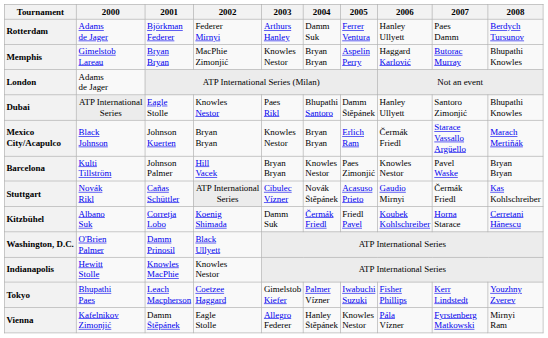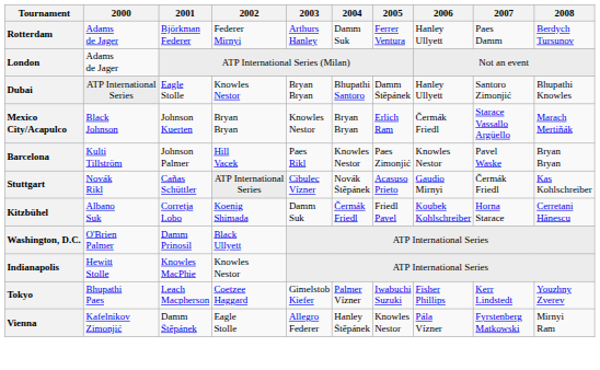 <table class="wikitable nowrap plainrowheaders" style="font-size:90%;">
 <tr bgcolor="#ececec">
 <th>Tournament</th>
 <th>2000</th>
 <th>2001</th>
 <th>2002</th>
 <th>2003</th>
 <th>2004</th>
 <th>2005</th>
 <th>2006</th>
 <th>2007</th>
 <th>2008</th>
 </tr>
 <tr>
 <th style="text-align: left;">Rotterdam</th>
 <td> <a href='#'>Adams</a><br> <a href='#'>de Jager</a></td>
 <td> <a href='#'>Björkman</a><br> <a href='#'>Federer</a></td>
 <td> Federer<br> <a href='#'>Mirnyi</a></td>
 <td> <a href='#'>Arthurs</a><br> <a href='#'>Hanley</a></td>
 <td> Damm<br> Suk</td>
 <td> <a href='#'>Ferrer</a><br> <a href='#'>Ventura</a></td>
 <td> Hanley<br> Ullyett</td>
 <td> Paes<br> Damm</td>
 <td> <a href='#'>Berdych</a><br> <a href='#'>Tursunov</a></td>
 </tr>
 <tr>
-<th style="text-align: left;">Memphis</th>
-<td> <a href='#'>Gimelstob</a><br> <a href='#'>Lareau</a></td>
-<td> <a href='#'>Bryan</a><br> <a href='#'>Bryan</a></td>
-<td> MacPhie<br> Zimonjić</td>
-<td> Knowles<br> Nestor</td>
-<td> Bryan<br> Bryan</td>
-<td> <a href='#'>Aspelin</a><br> <a href='#'>Perry</a></td>
-<td> Haggard<br> <a href='#'>Karlović</a></td>
-<td> <a href='#'>Butorac</a><br> <a href='#'>Murray</a></td>
-<td> Bhupathi<br> Knowles</td>
-</tr>
-<tr>
 <th style="text-align: left;">London</th>
 <td> Adams<br> de Jager</td>
 <td bgcolor="#ececec" align="center" colspan=5><span>ATP International Series (Milan)</span></td>
 <td bgcolor="#ececec" align="center" colspan=3><span>Not an event</span></td>
 </tr>
 <tr>
 <th style="text-align: left;">Dubai</th>
 <td bgcolor="#ececec" align="center"><span>ATP International Series</span></td>
 <td> <a href='#'>Eagle</a><br> Stolle</td>
 <td> Knowles<br> <a href='#'>Nestor</a></td>
-<td> Paes<br> <a href='#'>Rikl</a></td>
+<td> Bryan<br> Bryan</td>
 <td> Bhupathi<br> <a href='#'>Santoro</a></td>
 <td> Damm<br> Štěpánek</td>
 <td> Hanley<br> Ullyett</td>
 <td> Santoro<br> Zimonjić</td>
 <td> Bhupathi<br> Knowles</td>
 </tr>
 <tr>
 <th style="text-align: left;">Mexico City/Acapulco</th>
 <td> <a href='#'>Black</a><br> <a href='#'>Johnson</a></td>
 <td> Johnson<br> <a href='#'>Kuerten</a></td>
 <td> Bryan<br> Bryan</td>
 <td> Knowles<br> Nestor</td>
 <td> Bryan<br> Bryan</td>
 <td> <a href='#'>Erlich</a><br> <a href='#'>Ram</a></td>
 <td> Čermák<br> Friedl</td>
 <td> <a href='#'>Starace</a><br> <a href='#'>Vassallo Argüello</a></td>
 <td> <a href='#'>Marach</a><br> <a href='#'>Mertiňák</a></td>
 </tr>
 <tr>
 <th style="text-align: left;">Barcelona</th>
 <td> <a href='#'>Kulti</a><br> <a href='#'>Tillström</a></td>
 <td> Johnson<br> Palmer</td>
 <td> <a href='#'>Hill</a><br> <a href='#'>Vacek</a></td>
-<td> Bryan<br> Bryan</td>
+<td> Paes<br> <a href='#'>Rikl</a></td>
 <td> Knowles<br> Nestor</td>
 <td> Paes<br> Zimonjić</td>
 <td> Knowles<br> Nestor</td>
 <td> Pavel<br> <a href='#'>Waske</a></td>
 <td> Bryan<br> Bryan</td>
 </tr>
 <tr>
 <th style="text-align: left;">Stuttgart</th>
 <td> <a href='#'>Novák</a><br> <a href='#'>Rikl</a></td>
 <td> <a href='#'>Cañas</a><br> <a href='#'>Schüttler</a></td>
 <td bgcolor="#ececec" align="center"><span>ATP International Series</span></td>
 <td> <a href='#'>Cibulec</a><br> <a href='#'>Vízner</a></td>
 <td> Novák<br> Štěpánek</td>
 <td> <a href='#'>Acasuso</a><br> <a href='#'>Prieto</a></td>
 <td> <a href='#'>Gaudio</a><br> Mirnyi</td>
 <td> Čermák<br> Friedl</td>
 <td> <a href='#'>Kas</a><br> Kohlschreiber</td>
 </tr>
 <tr>
 <th style="text-align: left;">Kitzbühel</th>
 <td> <a href='#'>Albano</a><br> <a href='#'>Suk</a></td>
 <td> <a href='#'>Corretja</a><br> <a href='#'>Lobo</a></td>
 <td> <a href='#'>Koenig</a><br> <a href='#'>Shimada</a></td>
 <td> Damm<br> Suk</td>
 <td> <a href='#'>Čermák</a><br> <a href='#'>Friedl</a></td>
 <td> Friedl<br> <a href='#'>Pavel</a></td>
 <td> <a href='#'>Koubek</a><br> <a href='#'>Kohlschreiber</a></td>
 <td> <a href='#'>Horna</a><br> Starace</td>
 <td> <a href='#'>Cerretani</a><br> <a href='#'>Hănescu</a></td>
 </tr>
 <tr>
 <th style="text-align: left;">Washington, D.C.</th>
 <td> <a href='#'>O'Brien</a><br> <a href='#'>Palmer</a></td>
 <td> <a href='#'>Damm</a><br> <a href='#'>Prinosil</a></td>
 <td> <a href='#'>Black</a><br> <a href='#'>Ullyett</a></td>
 <td bgcolor="#ececec" align="center" colspan=6><span>ATP International Series</span></td>
 </tr>
 <tr>
 <th style="text-align: left;">Indianapolis</th>
 <td> <a href='#'>Hewitt</a><br> <a href='#'>Stolle</a></td>
 <td> <a href='#'>Knowles</a><br> <a href='#'>MacPhie</a></td>
 <td> Knowles<br> Nestor</td>
 <td bgcolor="#ececec" align="center" colspan=6><span>ATP International Series</span></td>
 </tr>
 <tr>
 <th style="text-align: left;">Tokyo</th>
 <td> <a href='#'>Bhupathi</a><br> <a href='#'>Paes</a></td>
 <td> <a href='#'>Leach</a><br> <a href='#'>Macpherson</a></td>
 <td> <a href='#'>Coetzee</a><br> <a href='#'>Haggard</a></td>
 <td> Gimelstob<br> <a href='#'>Kiefer</a></td>
 <td> <a href='#'>Palmer</a><br> Vízner</td>
 <td> <a href='#'>Iwabuchi</a><br> <a href='#'>Suzuki</a></td>
 <td> <a href='#'>Fisher</a><br> <a href='#'>Phillips</a></td>
 <td> <a href='#'>Kerr</a><br> <a href='#'>Lindstedt</a></td>
 <td> <a href='#'>Youzhny</a><br> <a href='#'>Zverev</a></td>
 </tr>
 <tr>
 <th style="text-align: left;">Vienna</th>
 <td> <a href='#'>Kafelnikov</a><br> <a href='#'>Zimonjić</a></td>
 <td> Damm<br> <a href='#'>Štěpánek</a></td>
 <td> Eagle<br> Stolle</td>
 <td> <a href='#'>Allegro</a><br> Federer</td>
 <td> Hanley<br> Štěpánek</td>
 <td> Knowles<br> Nestor</td>
 <td> <a href='#'>Pála</a><br> Vízner</td>
 <td> <a href='#'>Fyrstenberg</a><br> <a href='#'>Matkowski</a></td>
 <td> Mirnyi<br> Ram</td>
 </tr>
 </table>
